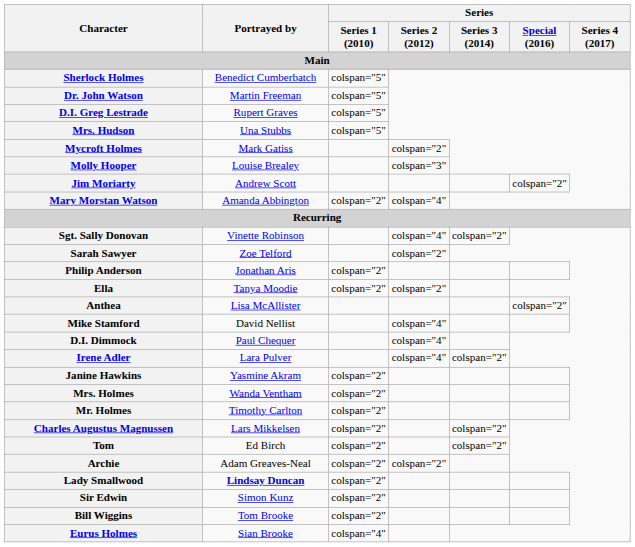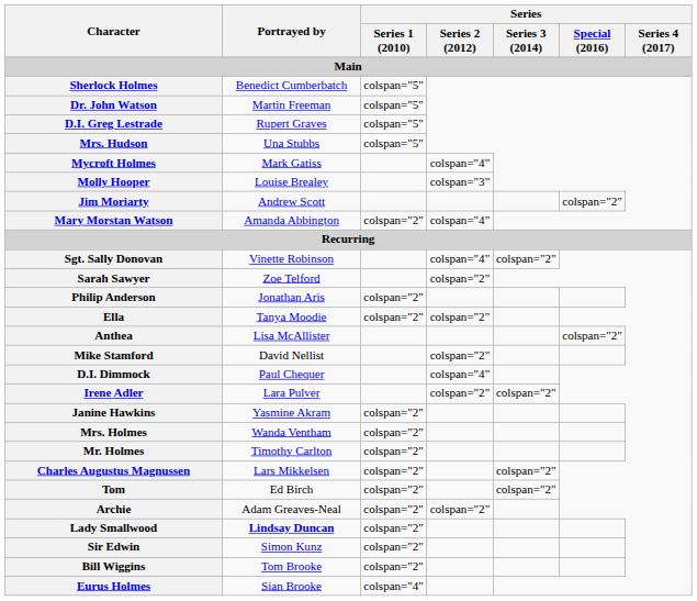 <table class="wikitable" style="text-align:center;">
 <tr>
 <th rowspan="2" style="width:280px;">Character</th>
 <th style="width:175px;" rowspan="2">Portrayed by</th>
 <th colspan="5">Series</th>
 </tr>
 <tr>
 <th style="width:80px;">Series 1<br>(2010)</th>
 <th style="width:80px;">Series 2<br>(2012)</th>
 <th style="width:80px;">Series 3<br>(2014)</th>
 <th style="width:80px;"><a href='#'>Special</a><br>(2016)</th>
 <th style="width:80px;">Series 4<br>(2017)</th>
 </tr>
 <tr>
 <th colspan="7" style="background:lightgrey;">Main</th>
 </tr>
 <tr>
 <th><a href='#'>Sherlock Holmes</a></th>
 <td><a href='#'>Benedict Cumberbatch</a></td>
 <td>colspan="5" </td>
 </tr>
 <tr>
 <th><a href='#'>Dr. John Watson</a></th>
 <td><a href='#'>Martin Freeman</a></td>
 <td>colspan="5" </td>
 </tr>
 <tr>
 <th><a href='#'>D.I. Greg Lestrade</a></th>
 <td><a href='#'>Rupert Graves</a></td>
 <td>colspan="5" </td>
 </tr>
 <tr>
 <th><a href='#'>Mrs. Hudson</a></th>
 <td><a href='#'>Una Stubbs</a></td>
 <td>colspan="5" </td>
 </tr>
 <tr>
 <th><a href='#'>Mycroft Holmes</a></th>
 <td><a href='#'>Mark Gatiss</a></td>
 <td></td>
-<td>colspan="2" </td>
+<td>colspan="4" </td>
 </tr>
 <tr>
 <th><a href='#'>Molly Hooper</a></th>
 <td><a href='#'>Louise Brealey</a></td>
 <td></td>
 <td>colspan="3" </td>
 </tr>
 <tr>
 <th><a href='#'>Jim Moriarty</a></th>
 <td><a href='#'>Andrew Scott</a></td>
 <td></td>
 <td></td>
 <td></td>
 <td>colspan="2" </td>
 </tr>
 <tr>
 <th><a href='#'>Mary Morstan Watson</a></th>
 <td><a href='#'>Amanda Abbington</a></td>
 <td>colspan="2" </td>
 <td>colspan="4" </td>
 </tr>
 <tr>
 <th colspan="7" style="background:lightgrey;">Recurring</th>
 </tr>
 <tr>
 <th>Sgt. Sally Donovan</th>
 <td><a href='#'>Vinette Robinson</a></td>
 <td></td>
 <td>colspan="4" </td>
 <td>colspan="2" </td>
 </tr>
 <tr>
 <th>Sarah Sawyer</th>
 <td><a href='#'>Zoe Telford</a></td>
 <td></td>
 <td>colspan="2" </td>
 </tr>
 <tr>
 <th>Philip Anderson</th>
 <td><a href='#'>Jonathan Aris</a></td>
 <td>colspan="2" </td>
 <td></td>
 <td></td>
 <td></td>
 </tr>
 <tr>
 <th>Ella</th>
 <td><a href='#'>Tanya Moodie</a></td>
 <td>colspan="2" </td>
 <td>colspan="2" </td>
 <td></td>
 </tr>
 <tr>
 <th>Anthea</th>
 <td><a href='#'>Lisa McAllister</a></td>
 <td></td>
 <td></td>
 <td></td>
 <td>colspan="2" </td>
 </tr>
 <tr>
 <th>Mike Stamford</th>
 <td>David Nellist</td>
 <td></td>
-<td>colspan="4" </td>
+<td>colspan="2" </td>
 <td></td>
 <td></td>
 </tr>
 <tr>
 <th>D.I. Dimmock</th>
 <td><a href='#'>Paul Chequer</a></td>
 <td></td>
 <td>colspan="4" </td>
 <td></td>
 </tr>
 <tr>
 <th><a href='#'>Irene Adler</a></th>
 <td><a href='#'>Lara Pulver</a></td>
 <td></td>
-<td>colspan="4" </td>
+<td>colspan="2" </td>
 <td>colspan="2" </td>
 </tr>
 <tr>
 <th>Janine Hawkins</th>
 <td><a href='#'>Yasmine Akram</a></td>
 <td>colspan="2" </td>
 <td></td>
 <td></td>
 <td></td>
 </tr>
 <tr>
 <th>Mrs. Holmes</th>
 <td><a href='#'>Wanda Ventham</a></td>
 <td>colspan="2" </td>
 <td></td>
 <td></td>
 <td></td>
 </tr>
 <tr>
 <th>Mr. Holmes</th>
 <td><a href='#'>Timothy Carlton</a></td>
 <td>colspan="2" </td>
 <td></td>
 <td></td>
 <td></td>
 </tr>
 <tr>
 <th><a href='#'>Charles Augustus Magnussen</a></th>
 <td><a href='#'>Lars Mikkelsen</a></td>
 <td>colspan="2" </td>
 <td></td>
 <td>colspan="2" </td>
 </tr>
 <tr>
 <th>Tom</th>
 <td>Ed Birch</td>
 <td>colspan="2" </td>
 <td></td>
 <td>colspan="2" </td>
 </tr>
 <tr>
 <th>Archie</th>
 <td>Adam Greaves-Neal</td>
 <td>colspan="2" </td>
 <td>colspan="2" </td>
 <td></td>
 </tr>
 <tr>
 <th>Lady Smallwood</th>
 <td><strong><a href='#'>Lindsay Duncan</a></strong></td>
 <td>colspan="2" </td>
 <td></td>
 <td></td>
 <td></td>
 </tr>
 <tr>
 <th>Sir Edwin</th>
 <td><a href='#'>Simon Kunz</a></td>
 <td>colspan="2" </td>
 <td></td>
 <td></td>
 <td></td>
 </tr>
 <tr>
 <th>Bill Wiggins</th>
 <td><a href='#'>Tom Brooke</a></td>
 <td>colspan="2" </td>
 <td></td>
 <td></td>
 <td></td>
 </tr>
 <tr>
 <th><a href='#'>Eurus Holmes</a></th>
 <td><a href='#'>Sian Brooke</a></td>
 <td>colspan="4" </td>
 <td></td>
 </tr>
 </table>
